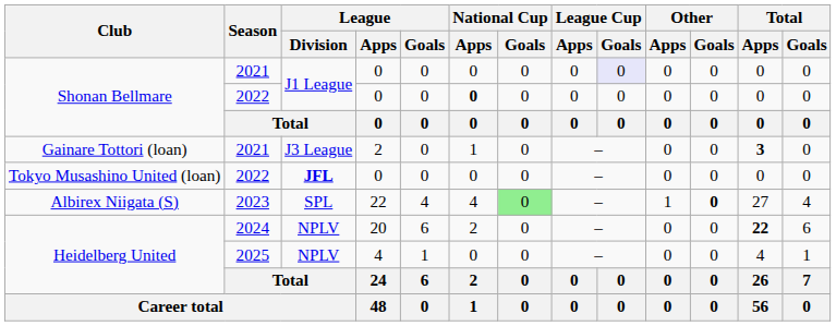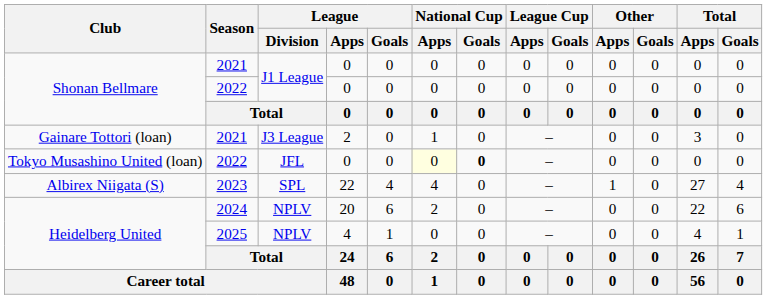 <table class="wikitable" style="text-align: center">
 <tr>
 <th rowspan="2">Club</th>
 <th rowspan="2">Season</th>
 <th colspan="3">League</th>
 <th colspan="2">National Cup</th>
 <th colspan="2">League Cup</th>
 <th colspan="2">Other</th>
 <th colspan="2">Total</th>
 </tr>
 <tr>
 <th>Division</th>
 <th>Apps</th>
 <th>Goals</th>
 <th>Apps</th>
 <th>Goals</th>
 <th>Apps</th>
 <th>Goals</th>
 <th>Apps</th>
 <th>Goals</th>
 <th>Apps</th>
 <th>Goals</th>
 </tr>
 <tr>
 <td rowspan="3"><a href='#'>Shonan Bellmare</a></td>
 <td><a href='#'>2021</a></td>
 <td rowspan="2"><a href='#'>J1 League</a></td>
 <td>0</td>
 <td>0</td>
 <td>0</td>
 <td>0</td>
 <td>0</td>
-<td style="background: lavender;">0</td>
+<td>0</td>
 <td>0</td>
 <td>0</td>
 <td>0</td>
 <td>0</td>
 </tr>
 <tr>
 <td><a href='#'>2022</a></td>
 <td>0</td>
 <td>0</td>
-<td><strong>0</strong></td>
+<td>0</td>
 <td>0</td>
 <td>0</td>
 <td>0</td>
 <td>0</td>
 <td>0</td>
 <td>0</td>
 <td>0</td>
 </tr>
 <tr>
 <th colspan=2>Total</th>
 <th>0</th>
 <th>0</th>
 <th>0</th>
 <th>0</th>
 <th>0</th>
 <th>0</th>
 <th>0</th>
 <th>0</th>
 <th>0</th>
 <th>0</th>
 </tr>
 <tr>
 <td><a href='#'>Gainare Tottori</a> (loan)</td>
 <td><a href='#'>2021</a></td>
 <td><a href='#'>J3 League</a></td>
 <td>2</td>
 <td>0</td>
 <td>1</td>
 <td>0</td>
 <td colspan="2">–</td>
 <td>0</td>
 <td>0</td>
-<td><strong>3</strong></td>
+<td>3</td>
 <td>0</td>
 </tr>
 <tr>
 <td><a href='#'>Tokyo Musashino United</a> (loan)</td>
 <td><a href='#'>2022</a></td>
-<td><strong><a href='#'>JFL</a></strong></td>
+<td><a href='#'>JFL</a></td>
 <td>0</td>
 <td>0</td>
-<td>0</td>
-<td>0</td>
+<td style="background: lightyellow;">0</td>
+<td><strong>0</strong></td>
 <td colspan="2">–</td>
 <td>0</td>
 <td>0</td>
 <td>0</td>
 <td>0</td>
 </tr>
 <tr>
 <td><a href='#'>Albirex Niigata (S)</a></td>
 <td><a href='#'>2023</a></td>
 <td><a href='#'>SPL</a></td>
 <td>22</td>
 <td>4</td>
 <td>4</td>
-<td style="background: lightgreen;">0</td>
+<td>0</td>
 <td colspan="2">–</td>
 <td>1</td>
-<td><strong>0</strong></td>
+<td>0</td>
 <td>27</td>
 <td>4</td>
 </tr>
 <tr>
 <td rowspan="3"><a href='#'>Heidelberg United</a></td>
 <td><a href='#'>2024</a></td>
 <td><a href='#'>NPLV</a></td>
 <td>20</td>
 <td>6</td>
 <td>2</td>
 <td>0</td>
 <td colspan="2">–</td>
 <td>0</td>
 <td>0</td>
-<td><strong>22</strong></td>
+<td>22</td>
 <td>6</td>
 </tr>
 <tr>
 <td><a href='#'>2025</a></td>
 <td><a href='#'>NPLV</a></td>
 <td>4</td>
 <td>1</td>
 <td>0</td>
 <td>0</td>
 <td colspan="2">–</td>
 <td>0</td>
 <td>0</td>
 <td>4</td>
 <td>1</td>
 </tr>
 <tr>
 <th colspan=2>Total</th>
 <th>24</th>
 <th>6</th>
 <th>2</th>
 <th>0</th>
 <th>0</th>
 <th>0</th>
 <th>0</th>
 <th>0</th>
 <th>26</th>
 <th>7</th>
 </tr>
 <tr>
 <th colspan=3>Career total</th>
 <th>48</th>
 <th>0</th>
 <th>1</th>
 <th>0</th>
 <th>0</th>
 <th>0</th>
 <th>0</th>
 <th>0</th>
 <th>56</th>
 <th>0</th>
 </tr>
 </table>
